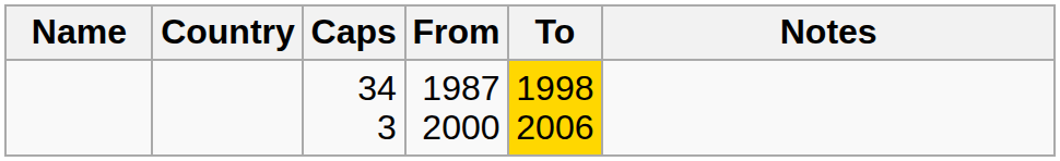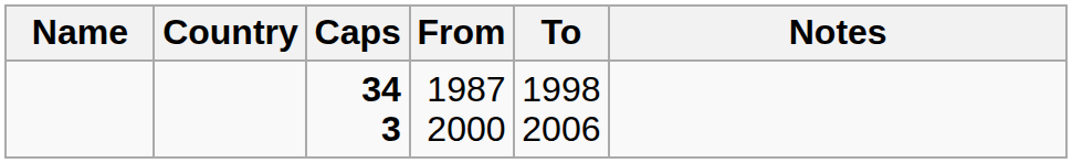 <table class="wikitable">
 <tr>
 <th width="60px">Name</th>
 <th width="30px">Country</th>
 <th width="30px">Caps</th>
 <th width="30px">From</th>
 <th width="30px">To</th>
 <th width="200px">Notes</th>
 </tr>
 <tr>
 <td align="left"></td>
 <td align="left"><br></td>
-<td align="right">34<br>3</td>
+<td align="right"><strong>34<br>3</strong></td>
 <td align="right">1987<br>2000</td>
-<td align="right" style="background: gold;">1998<br>2006</td>
+<td align="right">1998<br>2006</td>
 <td align="left"></td>
 </tr>
 <tr>
 </tr>
 </table>
